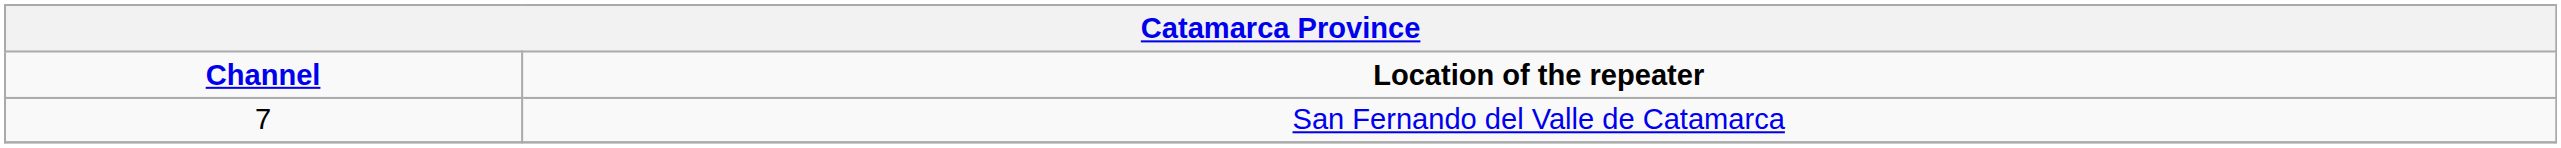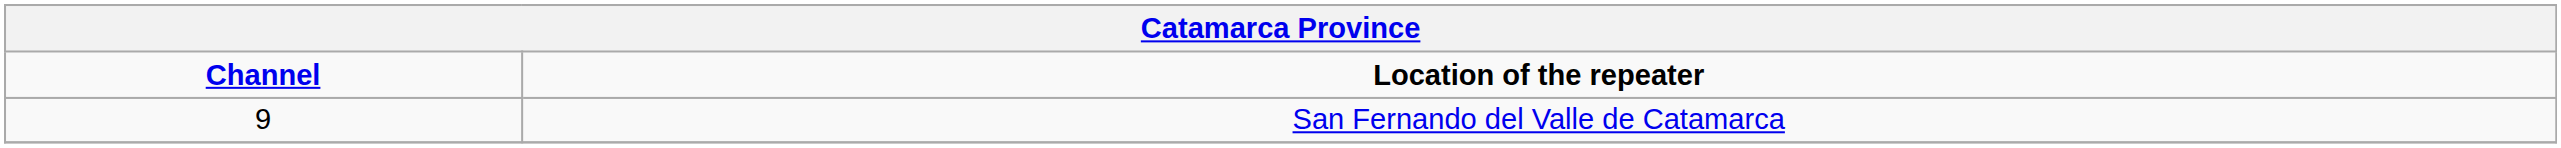 <table class="wikitable collapsible collapsed" style="font-size:90%; text-align: center; width: 100%;">
 <tr>
 <th colspan="12" style="with: 100%;" align=center> <a href='#'>Catamarca Province</a></th>
 </tr>
 <tr>
 <td><strong><a href='#'>Channel</a></strong></td>
 <td><strong>Location of the repeater</strong></td>
 </tr>
 <tr>
-<td>7</td>
+<td>9</td>
 <td><a href='#'>San Fernando del Valle de Catamarca</a></td>
 </tr>
 <tr>
 </tr>
 </table>
